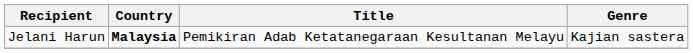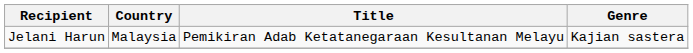 <table class="wikitable" style="text-align:left">
 <tr>
 <th>Recipient</th>
 <th>Country</th>
 <th>Title</th>
 <th>Genre</th>
 </tr>
 <tr>
 <td>Jelani Harun</td>
-<td><strong>Malaysia</strong></td>
+<td>Malaysia</td>
 <td>Pemikiran Adab Ketatanegaraan Kesultanan Melayu</td>
 <td>Kajian sastera</td>
 </tr>
 <tr>
 </tr>
 </table>
